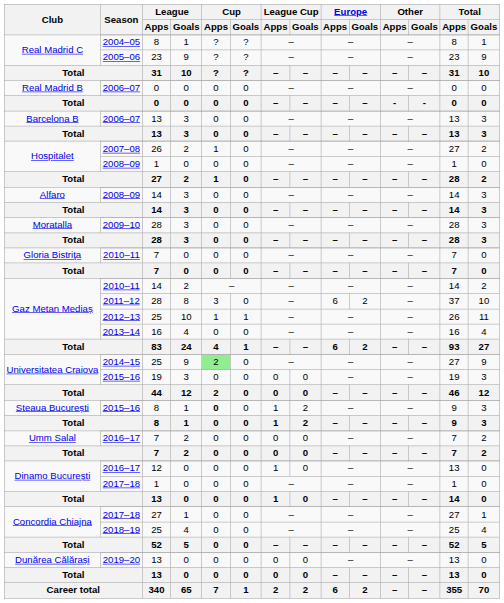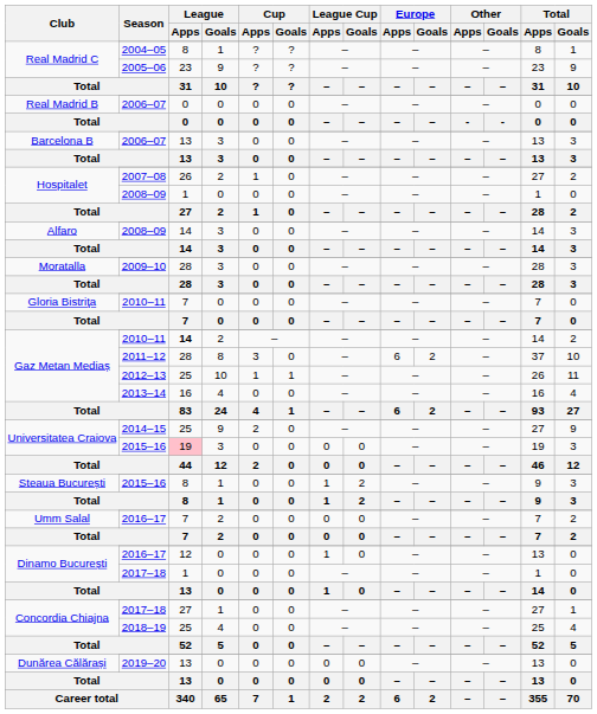 <table class="wikitable" style="font-size:100%; text-align: center;">
 <tr>
 <th rowspan="2">Club</th>
 <th rowspan="2">Season</th>
 <th colspan="2">League</th>
 <th colspan="2">Cup</th>
 <th colspan="2">League Cup</th>
 <th colspan="2"><a href='#'>Europe</a></th>
 <th colspan="2">Other</th>
 <th colspan="2">Total</th>
 </tr>
 <tr>
 <th>Apps</th>
 <th>Goals</th>
 <th>Apps</th>
 <th>Goals</th>
 <th>Apps</th>
 <th>Goals</th>
 <th>Apps</th>
 <th>Goals</th>
 <th>Apps</th>
 <th>Goals</th>
 <th>Apps</th>
 <th>Goals</th>
 </tr>
 <tr>
 <td rowspan="3" valign="center"><a href='#'>Real Madrid C</a></td>
 </tr>
 <tr>
 <td><a href='#'>2004–05</a></td>
 <td>8</td>
 <td>1</td>
 <td>?</td>
 <td>?</td>
 <td rowspan=1 colspan="2">–</td>
 <td rowspan=1 colspan="2">–</td>
 <td rowspan=1 colspan="2">–</td>
 <td>8</td>
 <td>1</td>
 </tr>
 <tr>
 <td><a href='#'>2005–06</a></td>
 <td>23</td>
 <td>9</td>
 <td>?</td>
 <td>?</td>
 <td rowspan=1 colspan="2">–</td>
 <td rowspan=1 colspan="2">–</td>
 <td rowspan=1 colspan="2">–</td>
 <td>23</td>
 <td>9</td>
 </tr>
 <tr>
 <th colspan="2">Total</th>
 <th>31</th>
 <th>10</th>
 <th>?</th>
 <th>?</th>
 <th>–</th>
 <th>–</th>
 <th>–</th>
 <th>–</th>
 <th>–</th>
 <th>–</th>
 <th>31</th>
 <th>10</th>
 </tr>
 <tr>
 <td rowspan="2" valign="center"><a href='#'>Real Madrid B</a></td>
 </tr>
 <tr>
 <td><a href='#'>2006–07</a></td>
 <td>0</td>
 <td>0</td>
 <td>0</td>
 <td>0</td>
 <td rowspan=1 colspan="2">–</td>
 <td rowspan=1 colspan="2">–</td>
 <td rowspan=1 colspan="2">–</td>
 <td>0</td>
 <td>0</td>
 </tr>
 <tr>
 <th colspan="2">Total</th>
 <th>0</th>
 <th>0</th>
 <th>0</th>
 <th>0</th>
 <th>–</th>
 <th>–</th>
 <th>–</th>
 <th>–</th>
 <th>-</th>
 <th>-</th>
 <th>0</th>
 <th>0</th>
 </tr>
 <tr>
 <td rowspan="2" valign="center"><a href='#'>Barcelona B</a></td>
 </tr>
 <tr>
 <td><a href='#'>2006–07</a></td>
 <td>13</td>
 <td>3</td>
 <td>0</td>
 <td>0</td>
 <td rowspan=1 colspan="2">–</td>
 <td rowspan=1 colspan="2">–</td>
 <td rowspan=1 colspan="2">–</td>
 <td>13</td>
 <td>3</td>
 </tr>
 <tr>
 <th colspan="2">Total</th>
 <th>13</th>
 <th>3</th>
 <th>0</th>
 <th>0</th>
 <th>–</th>
 <th>–</th>
 <th>–</th>
 <th>–</th>
 <th>–</th>
 <th>–</th>
 <th>13</th>
 <th>3</th>
 </tr>
 <tr>
 <td rowspan="3" valign="center"><a href='#'>Hospitalet</a></td>
 </tr>
 <tr>
 <td><a href='#'>2007–08</a></td>
 <td>26</td>
 <td>2</td>
 <td>1</td>
 <td>0</td>
 <td rowspan=1 colspan="2">–</td>
 <td rowspan=1 colspan="2">–</td>
 <td rowspan=1 colspan="2">–</td>
 <td>27</td>
 <td>2</td>
 </tr>
 <tr>
 <td><a href='#'>2008–09</a></td>
 <td>1</td>
 <td>0</td>
 <td>0</td>
 <td>0</td>
 <td rowspan=1 colspan="2">–</td>
 <td rowspan=1 colspan="2">–</td>
 <td rowspan=1 colspan="2">–</td>
 <td>1</td>
 <td>0</td>
 </tr>
 <tr>
 <th colspan="2">Total</th>
 <th>27</th>
 <th>2</th>
 <th>1</th>
 <th>0</th>
 <th>–</th>
 <th>–</th>
 <th>–</th>
 <th>–</th>
 <th>–</th>
 <th>–</th>
 <th>28</th>
 <th>2</th>
 </tr>
 <tr>
 <td rowspan="2" valign="center"><a href='#'>Alfaro</a></td>
 </tr>
 <tr>
 <td><a href='#'>2008–09</a></td>
 <td>14</td>
 <td>3</td>
 <td>0</td>
 <td>0</td>
 <td rowspan=1 colspan="2">–</td>
 <td rowspan=1 colspan="2">–</td>
 <td rowspan=1 colspan="2">–</td>
 <td>14</td>
 <td>3</td>
 </tr>
 <tr>
 <th colspan="2">Total</th>
 <th>14</th>
 <th>3</th>
 <th>0</th>
 <th>0</th>
 <th>–</th>
 <th>–</th>
 <th>–</th>
 <th>–</th>
 <th>–</th>
 <th>–</th>
 <th>14</th>
 <th>3</th>
 </tr>
 <tr>
 <td rowspan="2" valign="center"><a href='#'>Moratalla</a></td>
 </tr>
 <tr>
 <td><a href='#'>2009–10</a></td>
 <td>28</td>
 <td>3</td>
 <td>0</td>
 <td>0</td>
 <td rowspan=1 colspan="2">–</td>
 <td rowspan=1 colspan="2">–</td>
 <td rowspan=1 colspan="2">–</td>
 <td>28</td>
 <td>3</td>
 </tr>
 <tr>
 <th colspan="2">Total</th>
 <th>28</th>
 <th>3</th>
 <th>0</th>
 <th>0</th>
 <th>–</th>
 <th>–</th>
 <th>–</th>
 <th>–</th>
 <th>–</th>
 <th>–</th>
 <th>28</th>
 <th>3</th>
 </tr>
 <tr>
 <td rowspan="2" valign="center"><a href='#'>Gloria Bistriţa</a></td>
 </tr>
 <tr>
 <td><a href='#'>2010–11</a></td>
 <td>7</td>
 <td>0</td>
 <td>0</td>
 <td>0</td>
 <td rowspan=1 colspan="2">–</td>
 <td rowspan=1 colspan="2">–</td>
 <td rowspan=1 colspan="2">–</td>
 <td>7</td>
 <td>0</td>
 </tr>
 <tr>
 <th colspan="2">Total</th>
 <th>7</th>
 <th>0</th>
 <th>0</th>
 <th>0</th>
 <th>–</th>
 <th>–</th>
 <th>–</th>
 <th>–</th>
 <th>–</th>
 <th>–</th>
 <th>7</th>
 <th>0</th>
 </tr>
 <tr>
 <td rowspan="5" valign="center"><a href='#'>Gaz Metan Mediaș</a></td>
 </tr>
 <tr>
 <td><a href='#'>2010–11</a></td>
-<td>14</td>
+<td><strong>14</strong></td>
 <td>2</td>
 <td rowspan=1 colspan="2">–</td>
 <td rowspan=1 colspan="2">–</td>
 <td rowspan=1 colspan="2">–</td>
 <td rowspan=1 colspan="2">–</td>
 <td>14</td>
 <td>2</td>
 </tr>
 <tr>
 <td><a href='#'>2011–12</a></td>
 <td>28</td>
 <td>8</td>
 <td>3</td>
 <td>0</td>
 <td rowspan=1 colspan="2">–</td>
 <td>6</td>
 <td>2</td>
 <td rowspan=1 colspan="2">–</td>
 <td>37</td>
 <td>10</td>
 </tr>
 <tr>
 <td><a href='#'>2012–13</a></td>
 <td>25</td>
 <td>10</td>
 <td>1</td>
 <td>1</td>
 <td rowspan=1 colspan="2">–</td>
 <td rowspan=1 colspan="2">–</td>
 <td rowspan=1 colspan="2">–</td>
 <td>26</td>
 <td>11</td>
 </tr>
 <tr>
 <td><a href='#'>2013–14</a></td>
 <td>16</td>
 <td>4</td>
 <td>0</td>
 <td>0</td>
 <td rowspan=1 colspan="2">–</td>
 <td rowspan=1 colspan="2">–</td>
 <td rowspan=1 colspan="2">–</td>
 <td>16</td>
 <td>4</td>
 </tr>
 <tr>
 <th colspan="2">Total</th>
 <th>83</th>
 <th>24</th>
 <th>4</th>
 <th>1</th>
 <th>–</th>
 <th>–</th>
 <th>6</th>
 <th>2</th>
 <th>–</th>
 <th>–</th>
 <th>93</th>
 <th>27</th>
 </tr>
 <tr>
 <td rowspan="3" valign="center"><a href='#'>Universitatea Craiova</a></td>
 </tr>
 <tr>
 <td><a href='#'>2014–15</a></td>
 <td>25</td>
 <td>9</td>
-<td style="background: lightgreen;">2</td>
+<td>2</td>
 <td>0</td>
 <td rowspan=1 colspan="2">–</td>
 <td rowspan=1 colspan="2">–</td>
 <td rowspan=1 colspan="2">–</td>
 <td>27</td>
 <td>9</td>
 </tr>
 <tr>
 <td><a href='#'>2015–16</a></td>
-<td>19</td>
+<td style="background: pink;">19</td>
 <td>3</td>
 <td>0</td>
 <td>0</td>
 <td>0</td>
 <td>0</td>
 <td rowspan=1 colspan="2">–</td>
 <td rowspan=1 colspan="2">–</td>
 <td>19</td>
 <td>3</td>
 </tr>
 <tr>
 <th colspan="2">Total</th>
 <th>44</th>
 <th>12</th>
 <th>2</th>
 <th>0</th>
 <th>0</th>
 <th>0</th>
 <th>–</th>
 <th>–</th>
 <th>–</th>
 <th>–</th>
 <th>46</th>
 <th>12</th>
 </tr>
 <tr>
 <td rowspan="2" valign="center"><a href='#'>Steaua București</a></td>
 </tr>
 <tr>
 <td><a href='#'>2015–16</a></td>
 <td>8</td>
 <td>1</td>
-<td><strong>0</strong></td>
+<td>0</td>
 <td>0</td>
 <td>1</td>
 <td>2</td>
 <td rowspan=1 colspan="2">–</td>
 <td rowspan=1 colspan="2">–</td>
 <td>9</td>
 <td>3</td>
 </tr>
 <tr>
 <th colspan="2">Total</th>
 <th>8</th>
 <th>1</th>
 <th>0</th>
 <th>0</th>
 <th>1</th>
 <th>2</th>
 <th>–</th>
 <th>–</th>
 <th>–</th>
 <th>–</th>
 <th>9</th>
 <th>3</th>
 </tr>
 <tr>
 <td rowspan="2" valign="center"><a href='#'>Umm Salal</a></td>
 </tr>
 <tr>
 <td><a href='#'>2016–17</a></td>
 <td>7</td>
 <td>2</td>
 <td>0</td>
 <td>0</td>
 <td>0</td>
 <td>0</td>
 <td rowspan=1 colspan="2">–</td>
 <td rowspan=1 colspan="2">–</td>
 <td>7</td>
 <td>2</td>
 </tr>
 <tr>
 <th colspan="2">Total</th>
 <th>7</th>
 <th>2</th>
 <th>0</th>
 <th>0</th>
 <th>0</th>
 <th>0</th>
 <th>–</th>
 <th>–</th>
 <th>–</th>
 <th>–</th>
 <th>7</th>
 <th>2</th>
 </tr>
 <tr>
 <td rowspan="3" valign="center"><a href='#'>Dinamo București</a></td>
 </tr>
 <tr>
 <td><a href='#'>2016–17</a></td>
 <td>12</td>
 <td>0</td>
 <td>0</td>
 <td>0</td>
 <td>1</td>
 <td>0</td>
 <td rowspan=1 colspan="2">–</td>
 <td rowspan=1 colspan="2">–</td>
 <td>13</td>
 <td>0</td>
 </tr>
 <tr>
 <td><a href='#'>2017–18</a></td>
 <td>1</td>
 <td>0</td>
 <td>0</td>
 <td>0</td>
 <td rowspan=1 colspan="2">–</td>
 <td rowspan=1 colspan="2">–</td>
 <td rowspan=1 colspan="2">–</td>
 <td>1</td>
 <td>0</td>
 </tr>
 <tr>
 <th colspan="2">Total</th>
 <th>13</th>
 <th>0</th>
 <th>0</th>
 <th>0</th>
 <th>1</th>
 <th>0</th>
 <th>–</th>
 <th>–</th>
 <th>–</th>
 <th>–</th>
 <th>14</th>
 <th>0</th>
 </tr>
 <tr>
 <td rowspan="3" valign="center"><a href='#'>Concordia Chiajna</a></td>
 </tr>
 <tr>
 <td><a href='#'>2017–18</a></td>
 <td>27</td>
 <td>1</td>
 <td>0</td>
 <td>0</td>
 <td rowspan=1 colspan="2">–</td>
 <td rowspan=1 colspan="2">–</td>
 <td rowspan=1 colspan="2">–</td>
 <td>27</td>
 <td>1</td>
 </tr>
 <tr>
 <td><a href='#'>2018–19</a></td>
 <td>25</td>
 <td>4</td>
 <td>0</td>
 <td>0</td>
 <td rowspan=1 colspan="2">–</td>
 <td rowspan=1 colspan="2">–</td>
 <td rowspan=1 colspan="2">–</td>
 <td>25</td>
 <td>4</td>
 </tr>
 <tr>
 <th colspan="2">Total</th>
 <th>52</th>
 <th>5</th>
 <th>0</th>
 <th>0</th>
 <th>–</th>
 <th>–</th>
 <th>–</th>
 <th>–</th>
 <th>–</th>
 <th>–</th>
 <th>52</th>
 <th>5</th>
 </tr>
 <tr>
 <td rowspan="2" valign="center"><a href='#'>Dunărea Călărași</a></td>
 </tr>
 <tr>
 <td><a href='#'>2019–20</a></td>
 <td>13</td>
 <td>0</td>
 <td>0</td>
 <td>0</td>
 <td>0</td>
 <td>0</td>
 <td rowspan=1 colspan="2">–</td>
 <td rowspan=1 colspan="2">–</td>
 <td>13</td>
 <td>0</td>
 </tr>
 <tr>
 <th colspan="2">Total</th>
 <th>13</th>
 <th>0</th>
 <th>0</th>
 <th>0</th>
 <th>0</th>
 <th>0</th>
 <th>–</th>
 <th>–</th>
 <th>–</th>
 <th>–</th>
 <th>13</th>
 <th>0</th>
 </tr>
 <tr>
 <th colspan="2">Career total</th>
 <th>340</th>
 <th>65</th>
 <th>7</th>
 <th>1</th>
 <th>2</th>
 <th>2</th>
 <th>6</th>
 <th>2</th>
 <th>–</th>
 <th>–</th>
 <th>355</th>
 <th>70</th>
 </tr>
 </table>
